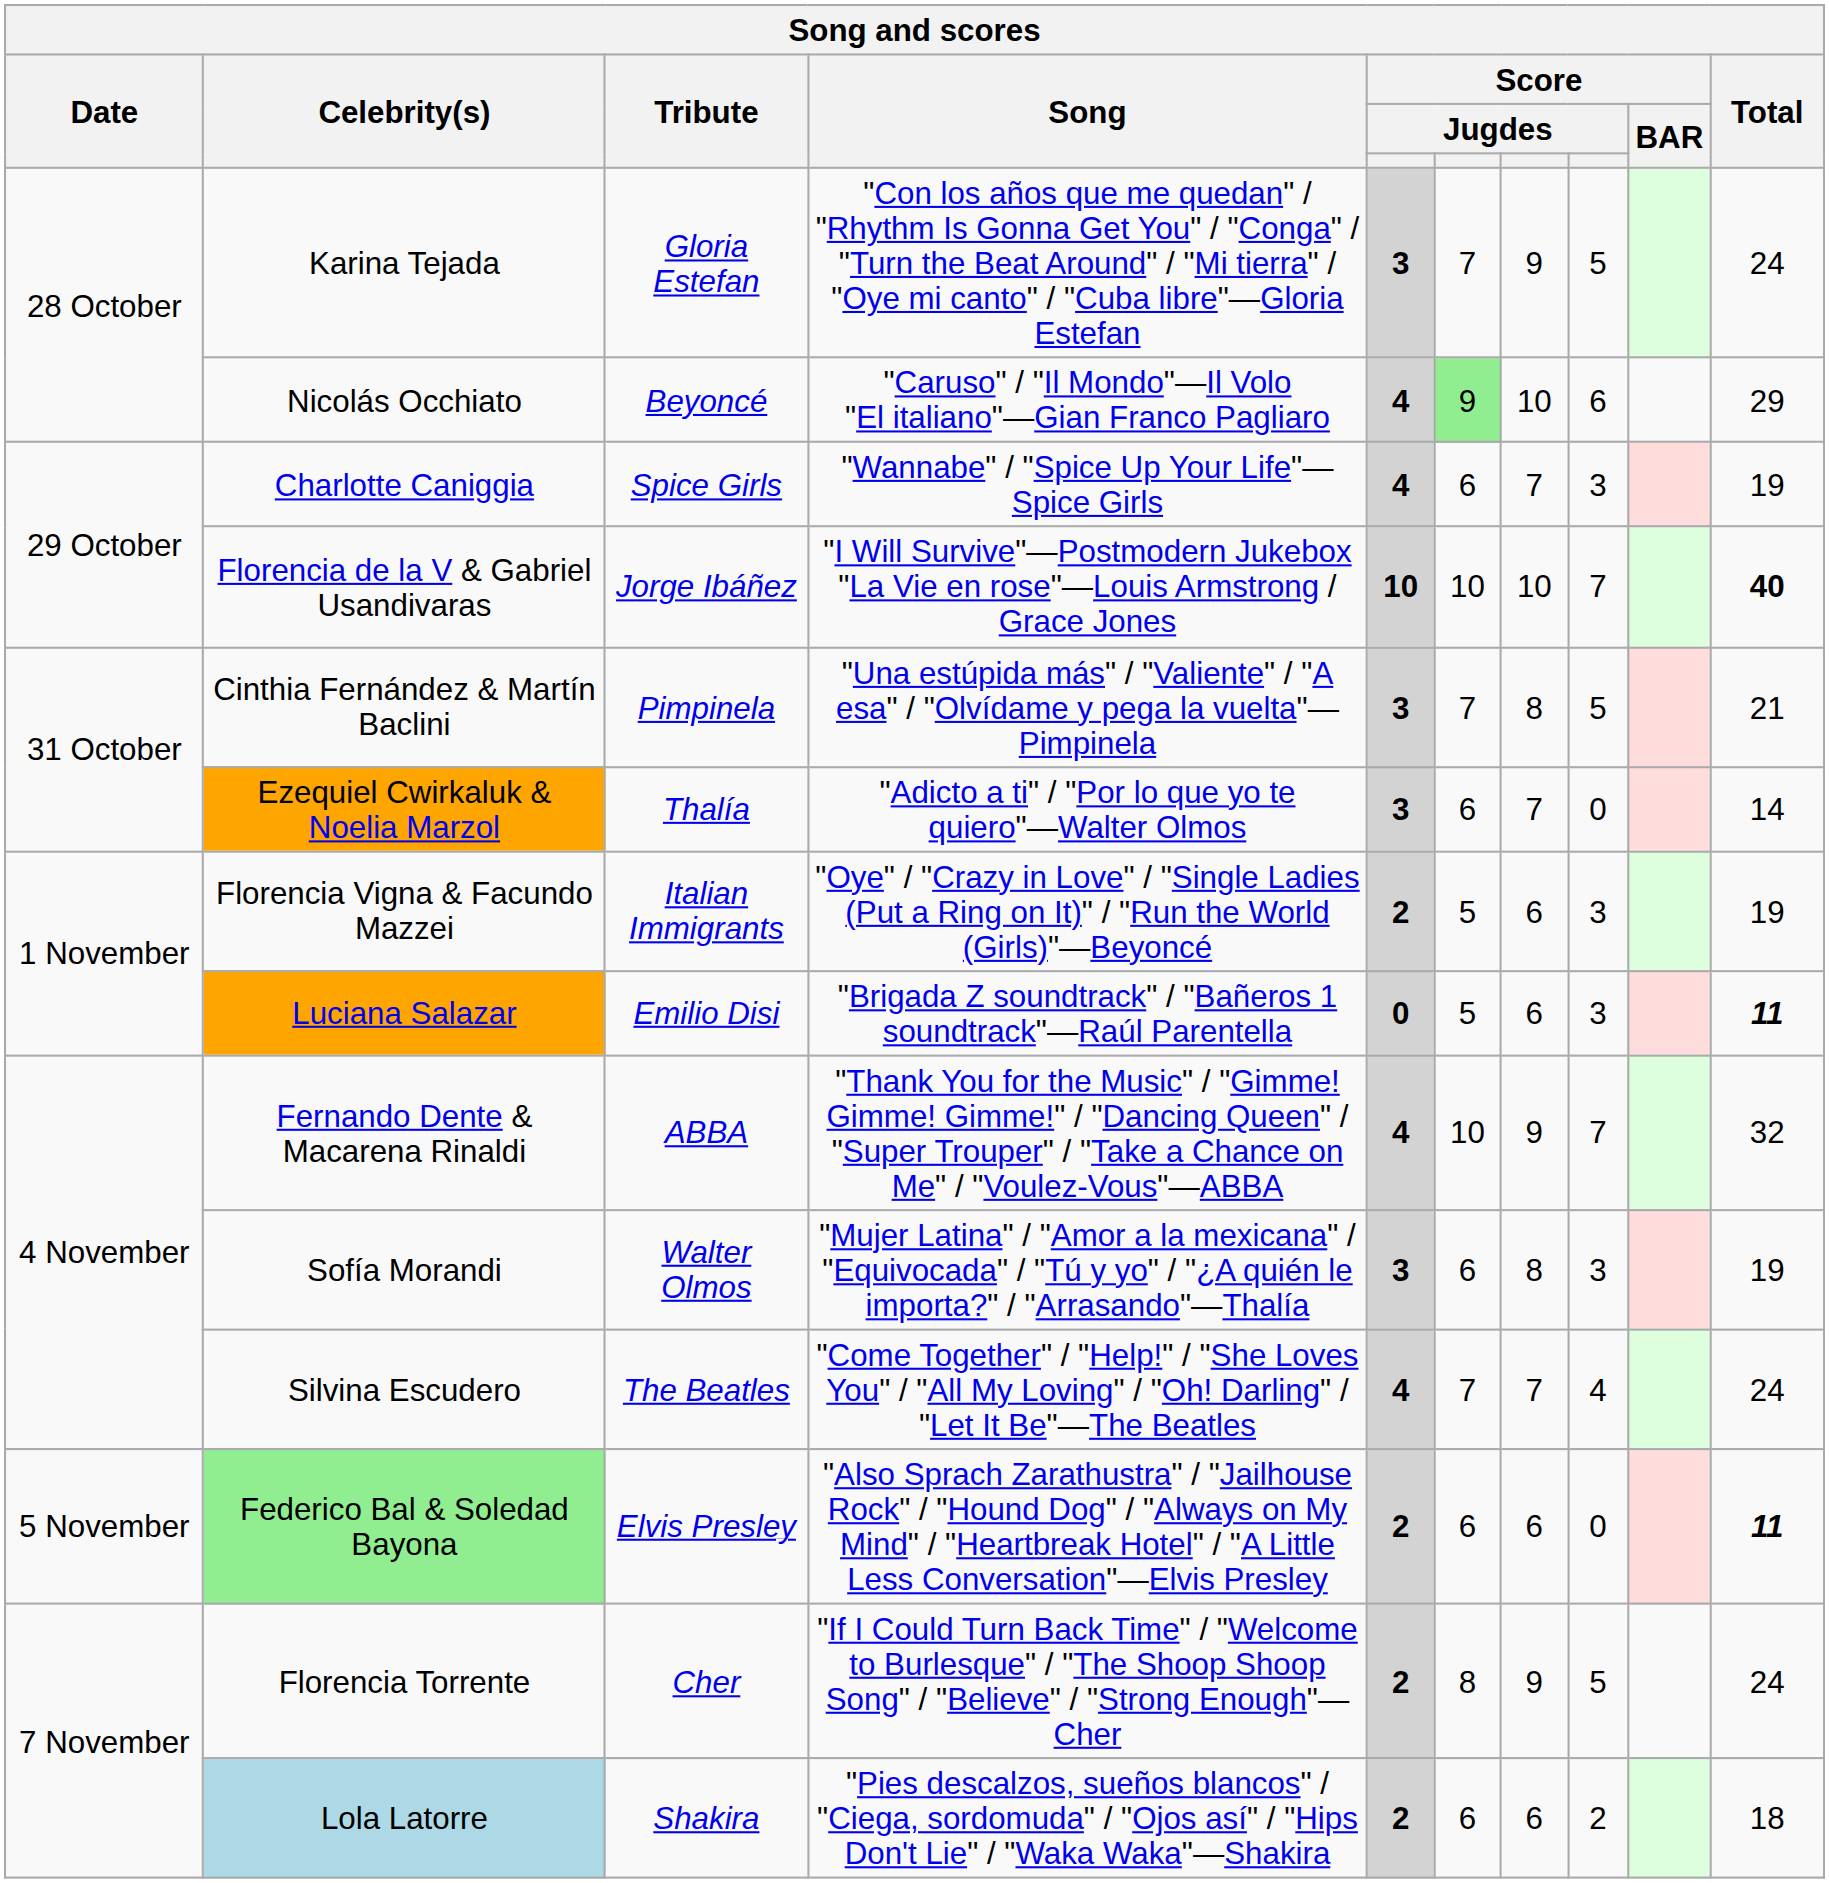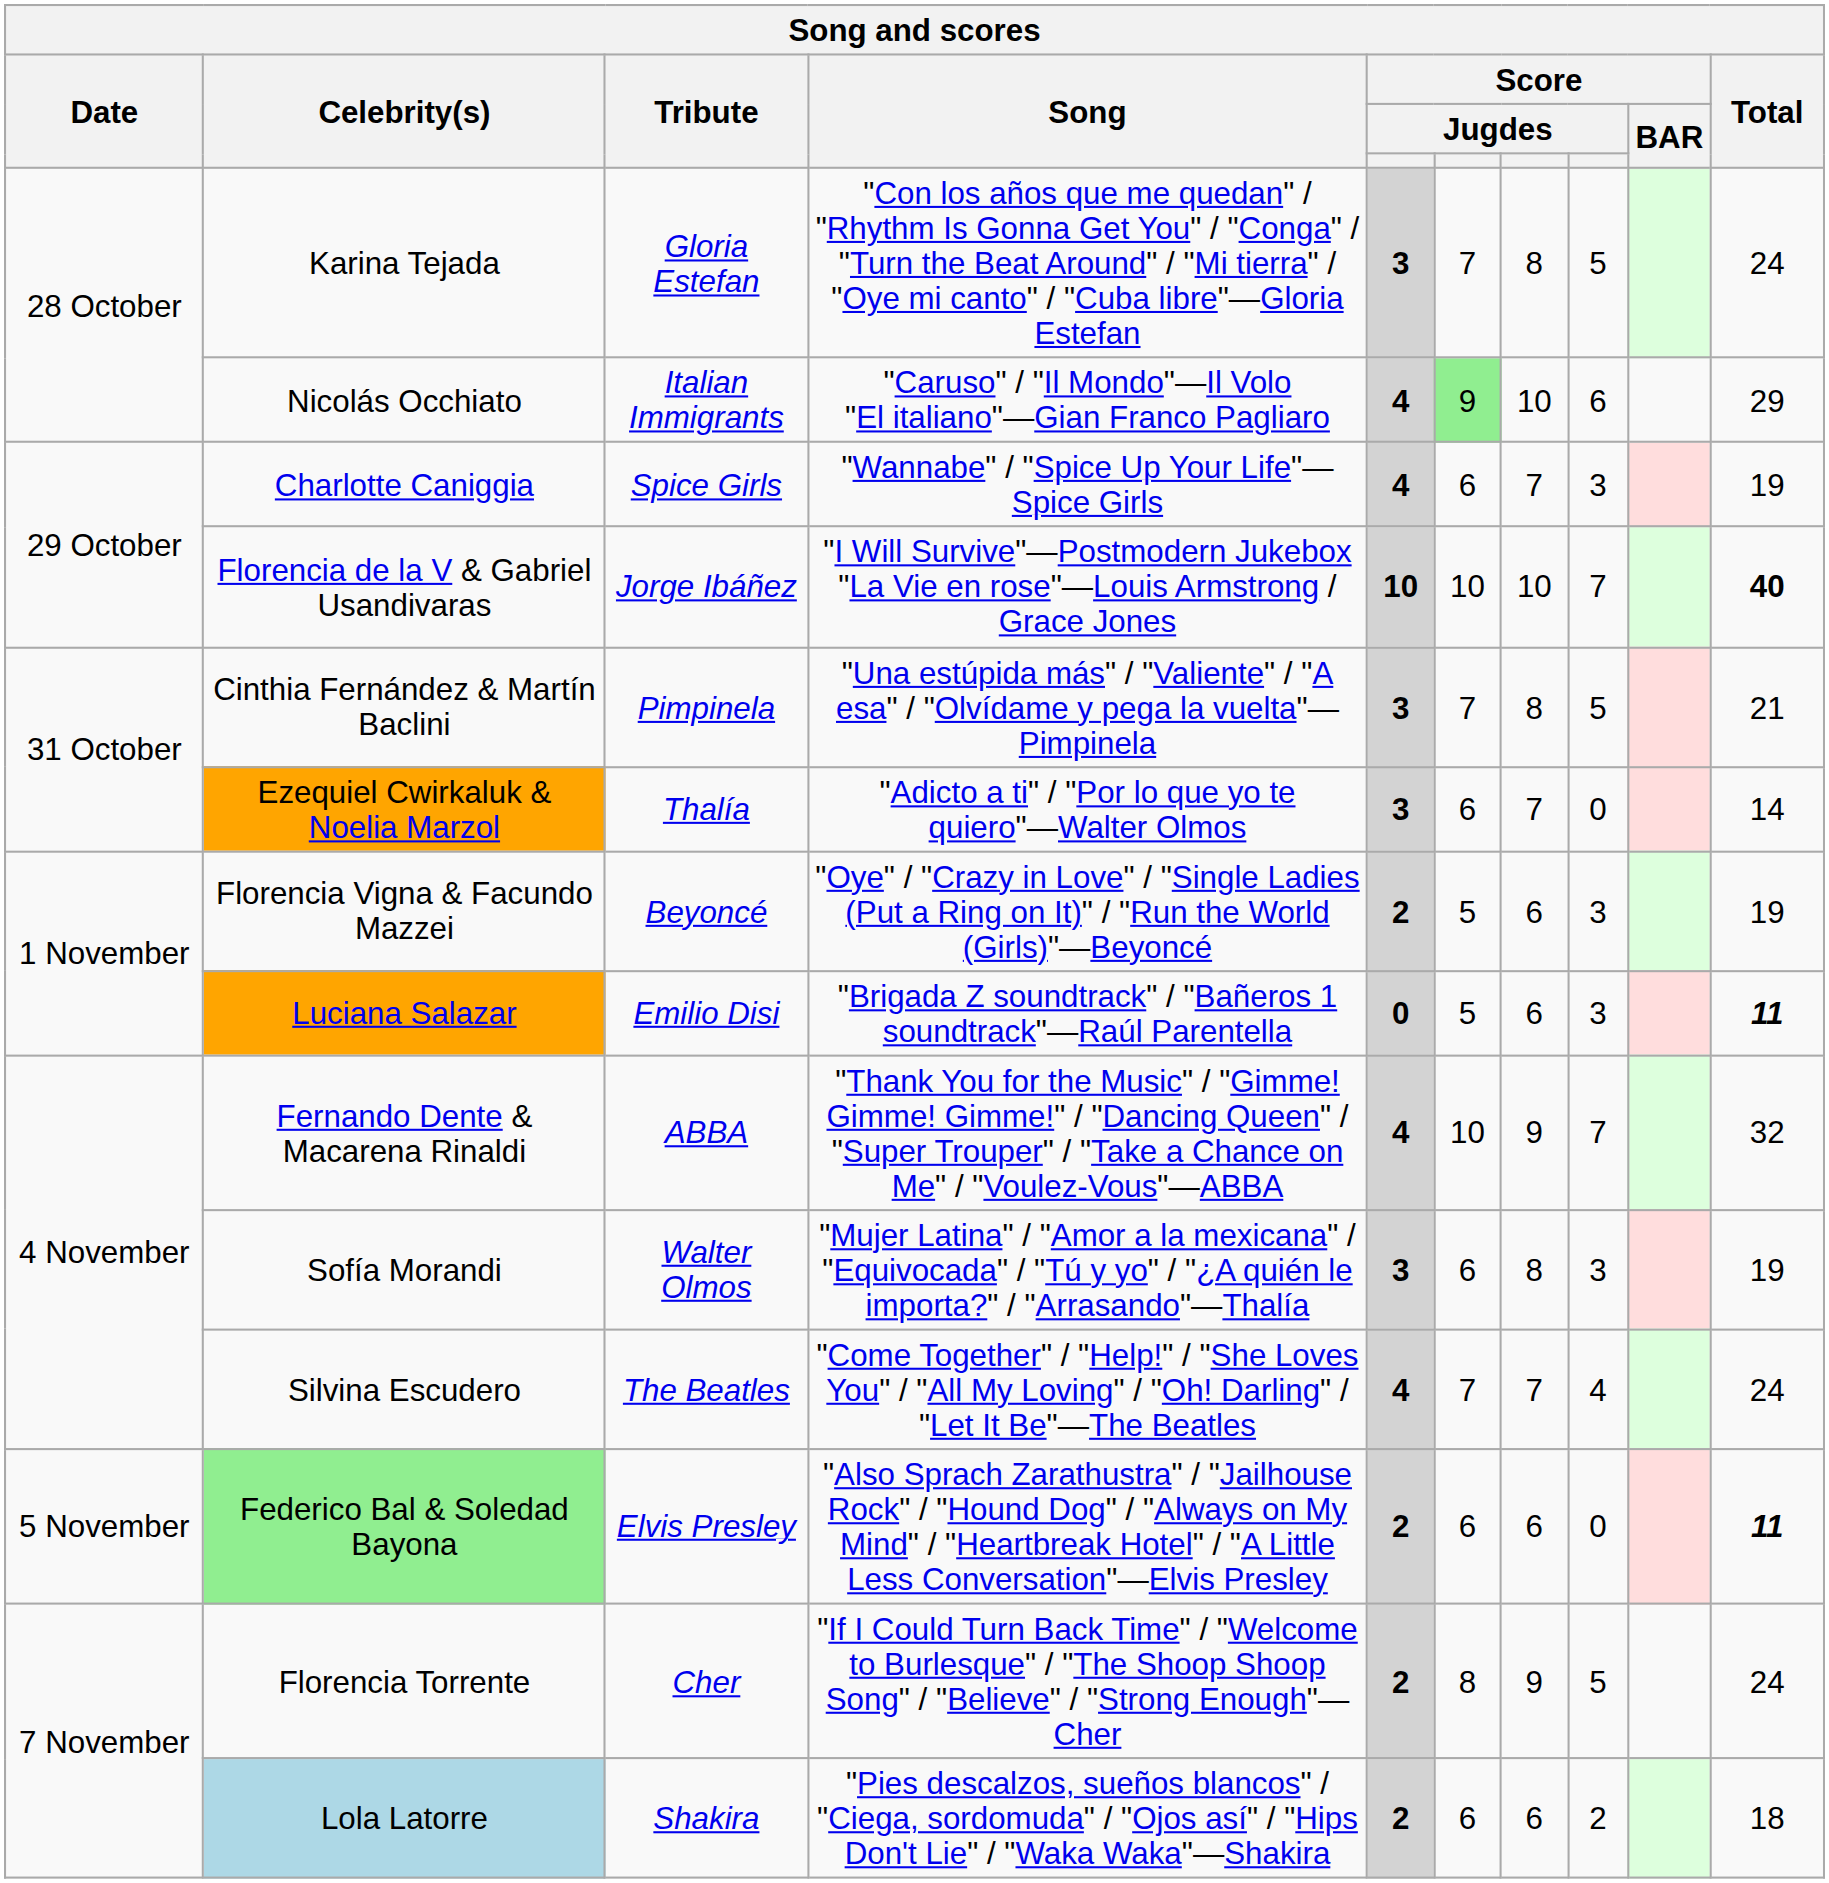 <table class="wikitable collapsible collapsed" style="font-size:95%; text-align: center; width: 100%;">
 <tr>
 <th colspan="11" style="with: 100%;" align=center>Song and scores</th>
 </tr>
 <tr>
 <th rowspan="3" width=100>Date</th>
 <th rowspan="3" width=245>Celebrity(s)</th>
 <th rowspan="3" width=100>Tribute</th>
 <th rowspan="3" width=350>Song</th>
 <th colspan="5">Score</th>
 <th rowspan="3" width=55>Total</th>
 </tr>
 <tr>
 <th colspan="4">Jugdes</th>
 <th rowspan="2" width=30>BAR<br></th>
 </tr>
 <tr>
 <th width=30></th>
 <th width=30></th>
 <th width=30></th>
 <th width=30></th>
 </tr>
 <tr>
 <td rowspan="2">28 October</td>
 <td bgcolor="">Karina Tejada</td>
 <td><em><a href='#'>Gloria Estefan</a></em></td>
 <td>"<a href='#'>Con los años que me quedan</a>" / "<a href='#'>Rhythm Is Gonna Get You</a>" / "<a href='#'>Conga</a>" / "<a href='#'>Turn the Beat Around</a>" / "<a href='#'>Mi tierra</a>" / "<a href='#'>Oye mi canto</a>" / "<a href='#'>Cuba libre</a>"—<a href='#'>Gloria Estefan</a></td>
 <td bgcolor="lightgrey"><strong>3</strong></td>
 <td>7</td>
-<td>9</td>
+<td>8</td>
 <td>5</td>
 <td bgcolor="#ddffdd"></td>
 <td>24</td>
 </tr>
 <tr>
 <td bgcolor="">Nicolás Occhiato</td>
-<td><em><a href='#'>Beyoncé</a></em></td>
+<td><em><a href='#'>Italian<br>Immigrants</a></em></td>
 <td>"<a href='#'>Caruso</a>" / "<a href='#'>Il Mondo</a>"—<a href='#'>Il Volo</a><br>"<a href='#'>El italiano</a>"—<a href='#'>Gian Franco Pagliaro</a><br></td>
 <td bgcolor="lightgrey"><strong>4</strong></td>
 <td style="background: lightgreen;">9</td>
 <td>10</td>
 <td>6</td>
 <td></td>
 <td>29</td>
 </tr>
 <tr>
 <td rowspan="2">29 October</td>
 <td bgcolor=""><a href='#'>Charlotte Caniggia</a></td>
 <td><em><a href='#'>Spice Girls</a></em></td>
 <td>"<a href='#'>Wannabe</a>" / "<a href='#'>Spice Up Your Life</a>"—<a href='#'>Spice Girls</a></td>
 <td bgcolor="lightgrey"><strong>4</strong></td>
 <td>6</td>
 <td>7</td>
 <td>3</td>
 <td bgcolor="#ffdddd"></td>
 <td>19</td>
 </tr>
 <tr>
 <td bgcolor=""><a href='#'>Florencia de la V</a> & Gabriel Usandivaras</td>
 <td><em><a href='#'>Jorge Ibáñez</a></em></td>
 <td>"<a href='#'>I Will Survive</a>"—<a href='#'>Postmodern Jukebox</a><br>"<a href='#'>La Vie en rose</a>"—<a href='#'>Louis Armstrong</a> / <a href='#'>Grace Jones</a></td>
 <td bgcolor="lightgrey"><strong>10</strong></td>
 <td>10</td>
 <td>10</td>
 <td>7</td>
 <td bgcolor="#ddffdd"></td>
 <td><span><strong>40</strong></span></td>
 </tr>
 <tr>
 <td rowspan="2">31 October</td>
 <td bgcolor="">Cinthia Fernández & Martín Baclini</td>
 <td><em><a href='#'>Pimpinela</a></em></td>
 <td>"<a href='#'>Una estúpida más</a>" / "<a href='#'>Valiente</a>" / "<a href='#'>A esa</a>" / "<a href='#'>Olvídame y pega la vuelta</a>"—<a href='#'>Pimpinela</a></td>
 <td bgcolor="lightgrey"><strong>3</strong></td>
 <td>7</td>
 <td>8</td>
 <td>5</td>
 <td bgcolor="#ffdddd"></td>
 <td>21</td>
 </tr>
 <tr>
 <td bgcolor="orange">Ezequiel Cwirkaluk & <a href='#'>Noelia Marzol</a></td>
 <td><em><a href='#'>Thalía</a></em></td>
 <td>"<a href='#'>Adicto a ti</a>" / "<a href='#'>Por lo que yo te quiero</a>"—<a href='#'>Walter Olmos</a></td>
 <td bgcolor="lightgrey"><strong>3</strong></td>
 <td>6</td>
 <td>7</td>
 <td>0</td>
 <td bgcolor="#ffdddd"></td>
 <td>14</td>
 </tr>
 <tr>
 <td rowspan="2">1 November</td>
 <td bgcolor="">Florencia Vigna & Facundo Mazzei</td>
-<td><em><a href='#'>Italian<br>Immigrants</a></em></td>
+<td><em><a href='#'>Beyoncé</a></em></td>
 <td>"<a href='#'>Oye</a>" / "<a href='#'>Crazy in Love</a>" / "<a href='#'>Single Ladies (Put a Ring on It)</a>" / "<a href='#'>Run the World (Girls)</a>"—<a href='#'>Beyoncé</a></td>
 <td bgcolor="lightgrey"><strong>2</strong></td>
 <td>5</td>
 <td>6</td>
 <td>3</td>
 <td bgcolor="#ddffdd"></td>
 <td>19</td>
 </tr>
 <tr>
 <td bgcolor="orange"><a href='#'>Luciana Salazar</a></td>
 <td><em><a href='#'>Emilio Disi</a></em></td>
 <td>"<a href='#'>Brigada Z soundtrack</a>" / "<a href='#'>Bañeros 1 soundtrack</a>"—<a href='#'>Raúl Parentella</a></td>
 <td bgcolor="lightgrey"><strong>0</strong></td>
 <td>5</td>
 <td>6</td>
 <td>3</td>
 <td bgcolor="#ffdddd"></td>
 <td><span><strong><em>11</em></strong></span></td>
 </tr>
 <tr>
 <td rowspan="3">4 November</td>
 <td bgcolor=""><a href='#'>Fernando Dente</a> & Macarena Rinaldi</td>
 <td><em><a href='#'>ABBA</a></em></td>
 <td>"<a href='#'>Thank You for the Music</a>" / "<a href='#'>Gimme! Gimme! Gimme!</a>" / "<a href='#'>Dancing Queen</a>" / "<a href='#'>Super Trouper</a>" / "<a href='#'>Take a Chance on Me</a>" / "<a href='#'>Voulez-Vous</a>"—<a href='#'>ABBA</a></td>
 <td bgcolor="lightgrey"><strong>4</strong></td>
 <td>10</td>
 <td>9</td>
 <td>7</td>
 <td bgcolor="#ddffdd"></td>
 <td>32</td>
 </tr>
 <tr>
 <td bgcolor="">Sofía Morandi</td>
 <td><em><a href='#'>Walter Olmos</a></em></td>
 <td>"<a href='#'>Mujer Latina</a>" / "<a href='#'>Amor a la mexicana</a>" / "<a href='#'>Equivocada</a>" / "<a href='#'>Tú y yo</a>" / "<a href='#'>¿A quién le importa?</a>" / "<a href='#'>Arrasando</a>"—<a href='#'>Thalía</a></td>
 <td bgcolor="lightgrey"><strong>3</strong></td>
 <td>6</td>
 <td>8</td>
 <td>3</td>
 <td bgcolor="#ffdddd"></td>
 <td>19</td>
 </tr>
 <tr>
 <td bgcolor="">Silvina Escudero</td>
 <td><em><a href='#'>The Beatles</a></em></td>
 <td>"<a href='#'>Come Together</a>" / "<a href='#'>Help!</a>" / "<a href='#'>She Loves You</a>" / "<a href='#'>All My Loving</a>" / "<a href='#'>Oh! Darling</a>" / "<a href='#'>Let It Be</a>"—<a href='#'>The Beatles</a></td>
 <td bgcolor="lightgrey"><strong>4</strong></td>
 <td>7</td>
 <td>7</td>
 <td>4</td>
 <td bgcolor="#ddffdd"></td>
 <td>24</td>
 </tr>
 <tr>
 <td rowspan="1">5 November</td>
 <td bgcolor="lightgreen">Federico Bal & Soledad Bayona</td>
 <td><em><a href='#'>Elvis Presley</a></em></td>
 <td>"<a href='#'>Also Sprach Zarathustra</a>" / "<a href='#'>Jailhouse Rock</a>" / "<a href='#'>Hound Dog</a>" / "<a href='#'>Always on My Mind</a>" / "<a href='#'>Heartbreak Hotel</a>" / "<a href='#'>A Little Less Conversation</a>"—<a href='#'>Elvis Presley</a></td>
 <td bgcolor="lightgrey"><strong>2</strong></td>
 <td>6</td>
 <td>6</td>
 <td>0</td>
 <td bgcolor="#ffdddd"></td>
 <td><span><strong><em>11</em></strong></span></td>
 </tr>
 <tr>
 <td rowspan="2">7 November</td>
 <td bgcolor="">Florencia Torrente</td>
 <td><em><a href='#'>Cher</a></em></td>
 <td>"<a href='#'>If I Could Turn Back Time</a>" / "<a href='#'>Welcome to Burlesque</a>" / "<a href='#'>The Shoop Shoop Song</a>" / "<a href='#'>Believe</a>" / "<a href='#'>Strong Enough</a>"—<a href='#'>Cher</a></td>
 <td bgcolor="lightgrey"><strong>2</strong></td>
 <td>8</td>
 <td>9</td>
 <td>5</td>
 <td></td>
 <td>24</td>
 </tr>
 <tr>
 <td bgcolor="lightblue">Lola Latorre</td>
 <td><em><a href='#'>Shakira</a></em></td>
 <td>"<a href='#'>Pies descalzos, sueños blancos</a>" / "<a href='#'>Ciega, sordomuda</a>" / "<a href='#'>Ojos así</a>" / "<a href='#'>Hips Don't Lie</a>" / "<a href='#'>Waka Waka</a>"—<a href='#'>Shakira</a></td>
 <td bgcolor="lightgrey"><strong>2</strong></td>
 <td>6</td>
 <td>6</td>
 <td>2</td>
 <td bgcolor="#ddffdd"></td>
 <td>18</td>
 </tr>
 </table>
